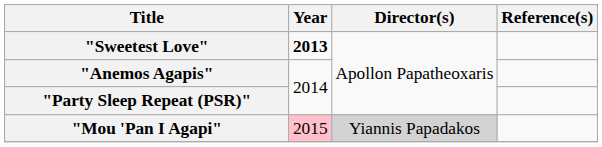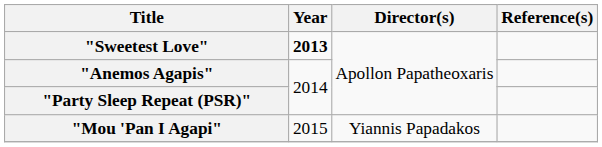 <table class="wikitable plainrowheaders" style="text-align:center;">
 <tr>
 <th scope="col" style="width:16em;">Title</th>
 <th scope="col" style="width:1em;">Year</th>
 <th scope="col">Director(s)</th>
 <th scope="col">Reference(s)</th>
 </tr>
 <tr>
 <th scope="row">"Sweetest Love"</th>
 <td><strong>2013</strong></td>
 <td rowspan="3">Apollon Papatheoxaris</td>
 <td></td>
 </tr>
 <tr>
 <th scope="row">"Anemos Agapis"</th>
 <td rowspan="2">2014</td>
 <td></td>
 </tr>
 <tr>
 <th scope="row">"Party Sleep Repeat (PSR)"</th>
 <td></td>
 </tr>
 <tr>
 <th scope="row">"Mou 'Pan I Agapi"</th>
-<td style="background: pink;">2015</td>
-<td style="background: lightgrey;">Yiannis Papadakos</td>
+<td>2015</td>
+<td>Yiannis Papadakos</td>
 <td></td>
 </tr>
 <tr>
 </tr>
 </table>
